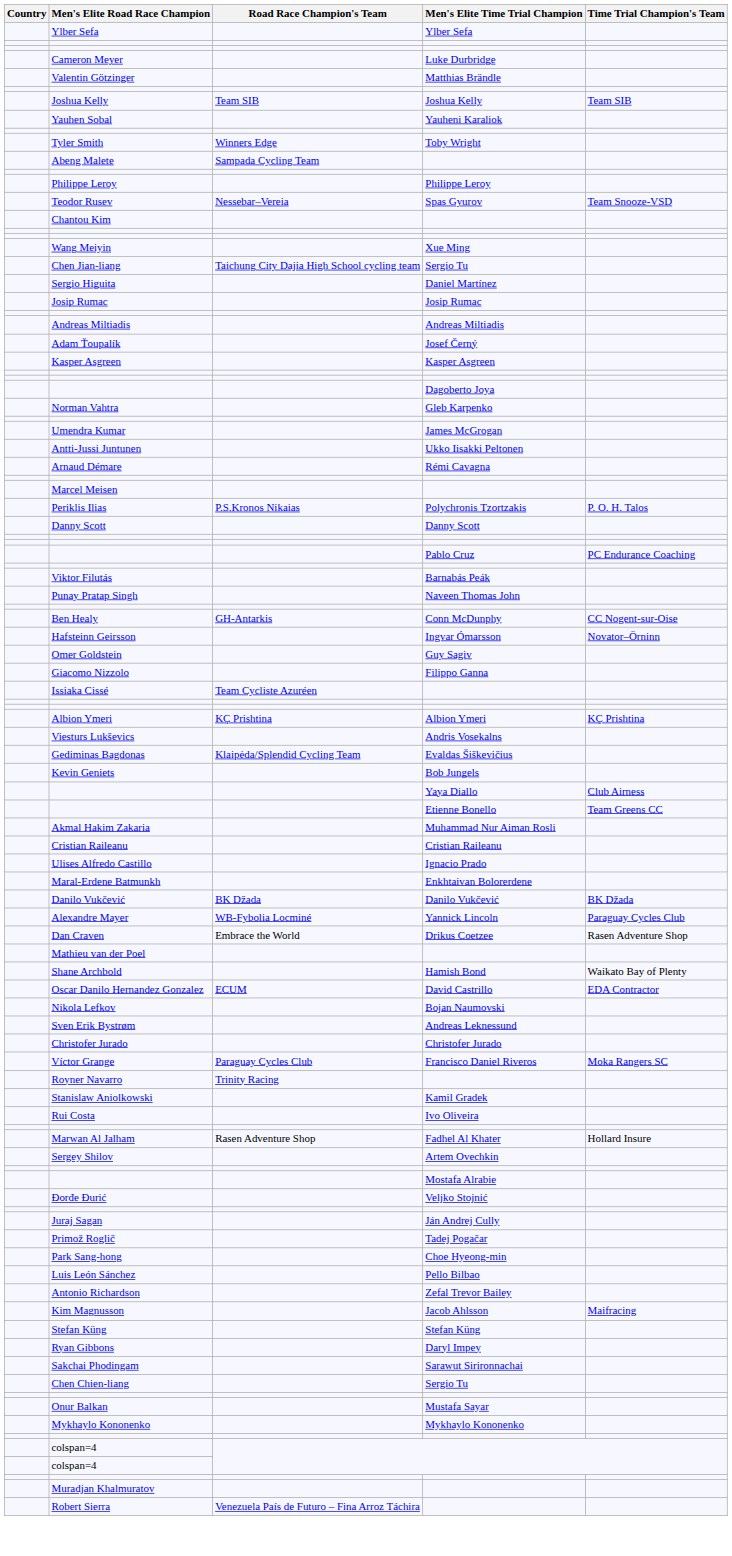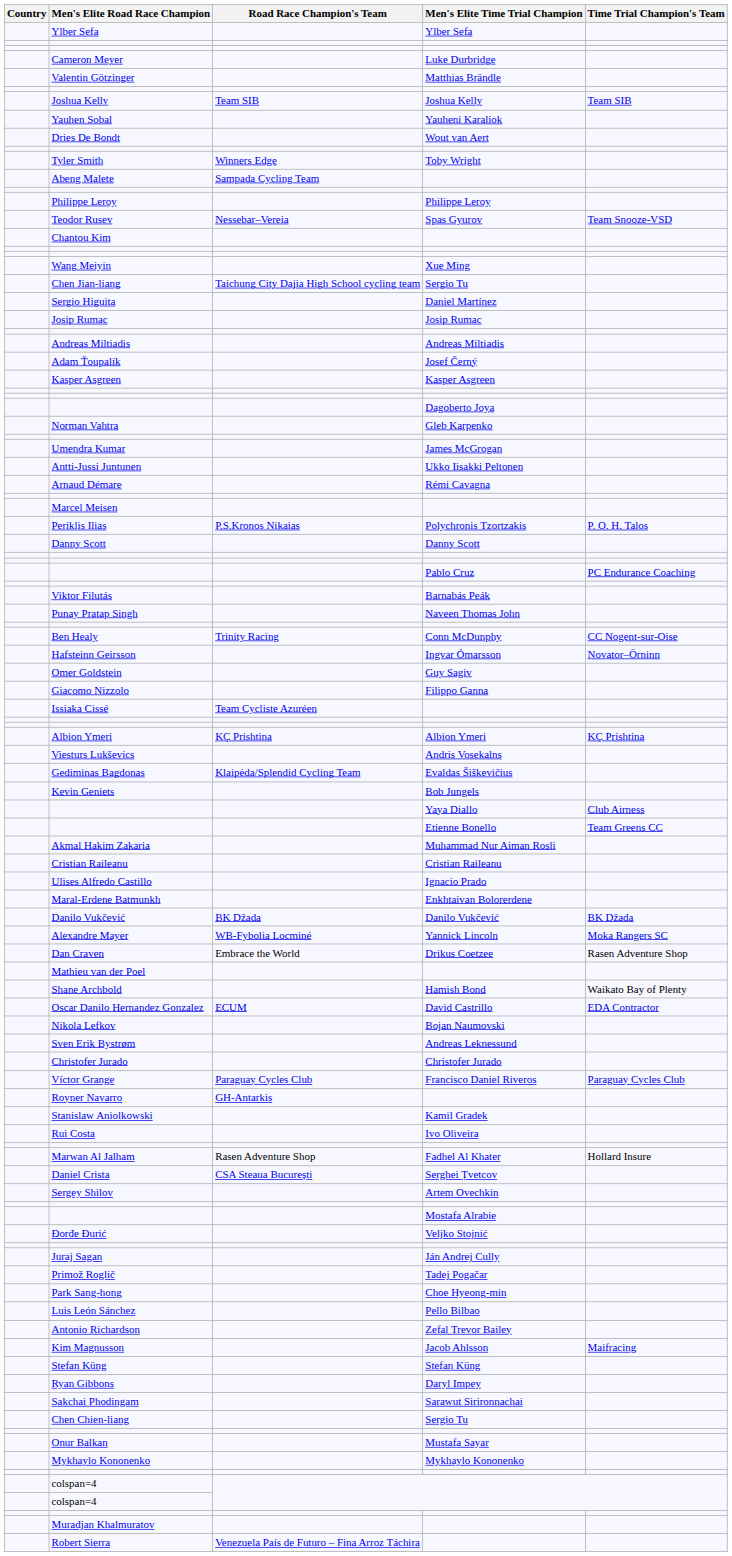 <table class="wikitable sortable"  style="background:#f7f8ff; font-size:95%;">
 <tr>
 <th>Country</th>
 <th>Men's Elite Road Race Champion</th>
 <th>Road Race Champion's Team</th>
 <th>Men's Elite Time Trial Champion</th>
 <th>Time Trial Champion's Team</th>
 </tr>
 <tr style="text-align:left; vertical-align:top;">
 <td></td>
 <td><a href='#'>Ylber Sefa</a></td>
 <td></td>
 <td><a href='#'>Ylber Sefa</a></td>
 <td></td>
 </tr>
 <tr style="text-align:left; vertical-align:top;">
 <td></td>
 <td></td>
 <td></td>
 <td></td>
 <td></td>
 </tr>
 <tr style="text-align:left; vertical-align:top;">
 <td></td>
 <td></td>
 <td></td>
 <td></td>
 <td></td>
 </tr>
 <tr style="text-align:left; vertical-align:top;">
 <td></td>
 <td><a href='#'>Cameron Meyer</a></td>
 <td></td>
 <td><a href='#'>Luke Durbridge</a></td>
 <td></td>
 </tr>
 <tr style="text-align:left; vertical-align:top;">
 <td></td>
 <td><a href='#'>Valentin Götzinger</a></td>
 <td></td>
 <td><a href='#'>Matthias Brändle</a></td>
 <td></td>
 </tr>
 <tr style="text-align:left; vertical-align:top;">
 <td></td>
 <td></td>
 <td></td>
 <td></td>
 <td></td>
 </tr>
 <tr style="text-align:left; vertical-align:top;">
 <td></td>
 <td><a href='#'>Joshua Kelly</a></td>
 <td><a href='#'>Team SIB</a></td>
 <td><a href='#'>Joshua Kelly</a></td>
 <td><a href='#'>Team SIB</a></td>
 </tr>
 <tr style="text-align:left; vertical-align:top;">
 <td></td>
 <td><a href='#'>Yauhen Sobal</a></td>
 <td></td>
 <td><a href='#'>Yauheni Karaliok</a></td>
+<td></td>
+</tr>
+<tr style="text-align:left; vertical-align:top;">
+<td></td>
+<td><a href='#'>Dries De Bondt</a></td>
+<td></td>
+<td><a href='#'>Wout van Aert</a></td>
 <td></td>
 </tr>
 <tr style="text-align:left; vertical-align:top;">
 <td></td>
 <td></td>
 <td></td>
 <td></td>
 <td></td>
 </tr>
 <tr style="text-align:left; vertical-align:top;">
 <td></td>
 <td><a href='#'>Tyler Smith</a></td>
 <td><a href='#'>Winners Edge</a></td>
 <td><a href='#'>Toby Wright</a></td>
 <td></td>
 </tr>
 <tr style="text-align:left; vertical-align:top;">
 <td></td>
 <td><a href='#'>Abeng Malete</a></td>
 <td><a href='#'>Sampada Cycling Team</a></td>
 <td></td>
 <td></td>
 </tr>
 <tr style="text-align:left; vertical-align:top;">
 <td></td>
 <td></td>
 <td></td>
 <td></td>
 <td></td>
 </tr>
 <tr style="text-align:left; vertical-align:top;">
 <td></td>
 <td><a href='#'>Philippe Leroy</a></td>
 <td></td>
 <td><a href='#'>Philippe Leroy</a></td>
 <td></td>
 </tr>
 <tr style="text-align:left; vertical-align:top;">
 <td></td>
 <td><a href='#'>Teodor Rusev</a></td>
 <td><a href='#'>Nessebar–Vereia</a></td>
 <td><a href='#'>Spas Gyurov</a></td>
 <td><a href='#'>Team Snooze-VSD</a></td>
 </tr>
 <tr style="text-align:left; vertical-align:top;">
 <td></td>
 <td><a href='#'>Chantou Kim</a></td>
 <td></td>
 <td></td>
 <td></td>
 </tr>
 <tr style="text-align:left; vertical-align:top;">
 <td></td>
 <td></td>
 <td></td>
 <td></td>
 <td></td>
 </tr>
 <tr style="text-align:left; vertical-align:top;">
 <td></td>
 <td></td>
 <td></td>
 <td></td>
 <td></td>
 </tr>
 <tr style="text-align:left; vertical-align:top;">
 <td></td>
 <td><a href='#'>Wang Meiyin</a></td>
 <td></td>
 <td><a href='#'>Xue Ming</a></td>
 <td></td>
 </tr>
 <tr style="text-align:left; vertical-align:top;">
 <td></td>
 <td><a href='#'>Chen Jian-liang</a></td>
 <td><a href='#'>Taichung City Dajia High School cycling team</a></td>
 <td><a href='#'>Sergio Tu</a></td>
 <td></td>
 </tr>
 <tr style="text-align:left; vertical-align:top;">
 <td></td>
 <td><a href='#'>Sergio Higuita</a></td>
 <td></td>
 <td><a href='#'>Daniel Martínez</a></td>
 <td></td>
 </tr>
 <tr style="text-align:left; vertical-align:top;">
 <td></td>
 <td><a href='#'>Josip Rumac</a></td>
 <td></td>
 <td><a href='#'>Josip Rumac</a></td>
 <td></td>
 </tr>
 <tr style="text-align:left; vertical-align:top;">
 <td></td>
 <td></td>
 <td></td>
 <td></td>
 <td></td>
 </tr>
 <tr style="text-align:left; vertical-align:top;">
 <td></td>
 <td><a href='#'>Andreas Miltiadis</a></td>
 <td></td>
 <td><a href='#'>Andreas Miltiadis</a></td>
 <td></td>
 </tr>
 <tr style="text-align:left; vertical-align:top;">
 <td></td>
 <td><a href='#'>Adam Ťoupalík</a></td>
 <td></td>
 <td><a href='#'>Josef Černý</a></td>
 <td></td>
 </tr>
 <tr style="text-align:left; vertical-align:top;">
 <td></td>
 <td><a href='#'>Kasper Asgreen</a></td>
 <td></td>
 <td><a href='#'>Kasper Asgreen</a></td>
 <td></td>
 </tr>
 <tr style="text-align:left; vertical-align:top;">
 <td></td>
 <td></td>
 <td></td>
 <td></td>
 <td></td>
 </tr>
 <tr style="text-align:left; vertical-align:top;">
 <td></td>
 <td></td>
 <td></td>
 <td></td>
 <td></td>
 </tr>
 <tr style="text-align:left; vertical-align:top;">
 <td></td>
 <td></td>
 <td></td>
 <td><a href='#'>Dagoberto Joya</a></td>
 <td></td>
 </tr>
 <tr style="text-align:left; vertical-align:top;">
 <td></td>
 <td><a href='#'>Norman Vahtra</a></td>
 <td></td>
 <td><a href='#'>Gleb Karpenko</a></td>
 <td></td>
 </tr>
 <tr style="text-align:left; vertical-align:top;">
 <td></td>
 <td></td>
 <td></td>
 <td></td>
 <td></td>
 </tr>
 <tr style="text-align:left; vertical-align:top;">
 <td></td>
 <td><a href='#'>Umendra Kumar</a></td>
 <td></td>
 <td><a href='#'>James McGrogan</a></td>
 <td></td>
 </tr>
 <tr style="text-align:left; vertical-align:top;">
 <td></td>
 <td><a href='#'>Antti-Jussi Juntunen</a></td>
 <td></td>
 <td><a href='#'>Ukko Iisakki Peltonen</a></td>
 <td></td>
 </tr>
 <tr style="text-align:left; vertical-align:top;">
 <td></td>
 <td><a href='#'>Arnaud Démare</a></td>
 <td></td>
 <td><a href='#'>Rémi Cavagna</a></td>
 <td></td>
 </tr>
 <tr style="text-align:left; vertical-align:top;">
 <td></td>
 <td></td>
 <td></td>
 <td></td>
 <td></td>
 </tr>
 <tr style="text-align:left; vertical-align:top;">
 <td></td>
 <td><a href='#'>Marcel Meisen</a></td>
 <td></td>
 <td></td>
 <td></td>
 </tr>
 <tr style="text-align:left; vertical-align:top;">
 <td></td>
 <td><a href='#'>Periklis Ilias</a></td>
 <td><a href='#'>P.S.Kronos Nikaias</a></td>
 <td><a href='#'>Polychronis Tzortzakis</a></td>
 <td><a href='#'>P. O. H. Talos</a></td>
 </tr>
 <tr style="text-align:left; vertical-align:top;">
 <td></td>
 <td><a href='#'>Danny Scott</a></td>
 <td></td>
 <td><a href='#'>Danny Scott</a></td>
 <td></td>
 </tr>
 <tr style="text-align:left; vertical-align:top;">
 <td></td>
 <td></td>
 <td></td>
 <td></td>
 <td></td>
 </tr>
 <tr style="text-align:left; vertical-align:top;">
 <td></td>
 <td></td>
 <td></td>
 <td></td>
 <td></td>
 </tr>
 <tr style="text-align:left; vertical-align:top;">
 <td></td>
 <td></td>
 <td></td>
 <td><a href='#'>Pablo Cruz</a></td>
 <td><a href='#'>PC Endurance Coaching</a></td>
 </tr>
 <tr style="text-align:left; vertical-align:top;">
 <td></td>
 <td></td>
 <td></td>
 <td></td>
 <td></td>
 </tr>
 <tr style="text-align:left; vertical-align:top;">
 <td></td>
 <td><a href='#'>Viktor Filutás</a></td>
 <td></td>
 <td><a href='#'>Barnabás Peák</a></td>
 <td></td>
 </tr>
 <tr style="text-align:left; vertical-align:top;">
 <td></td>
 <td><a href='#'>Punay Pratap Singh</a></td>
 <td></td>
 <td><a href='#'>Naveen Thomas John</a></td>
 <td></td>
 </tr>
 <tr style="text-align:left; vertical-align:top;">
 <td></td>
 <td></td>
 <td></td>
 <td></td>
 <td></td>
 </tr>
 <tr style="text-align:left; vertical-align:top;">
 <td></td>
 <td><a href='#'>Ben Healy</a></td>
-<td><a href='#'>GH-Antarkis</a></td>
+<td><a href='#'>Trinity Racing</a></td>
 <td><a href='#'>Conn McDunphy</a></td>
 <td><a href='#'>CC Nogent-sur-Oise</a></td>
 </tr>
 <tr style="text-align:left; vertical-align:top;">
 <td></td>
 <td><a href='#'>Hafsteinn Geirsson</a></td>
 <td></td>
 <td><a href='#'>Ingvar Ómarsson</a></td>
 <td><a href='#'>Novator–Örninn</a></td>
 </tr>
 <tr style="text-align:left; vertical-align:top;">
 <td></td>
 <td><a href='#'>Omer Goldstein</a></td>
 <td></td>
 <td><a href='#'>Guy Sagiv</a></td>
 <td></td>
 </tr>
 <tr style="text-align:left; vertical-align:top;">
 <td></td>
 <td><a href='#'>Giacomo Nizzolo</a></td>
 <td></td>
 <td><a href='#'>Filippo Ganna</a></td>
 <td></td>
 </tr>
 <tr style="text-align:left; vertical-align:top;">
 <td></td>
 <td><a href='#'>Issiaka Cissé</a></td>
 <td><a href='#'>Team Cycliste Azuréen</a></td>
 <td></td>
 <td></td>
 </tr>
 <tr style="text-align:left; vertical-align:top;">
 <td></td>
 <td></td>
 <td></td>
 <td></td>
 <td></td>
 </tr>
 <tr style="text-align:left; vertical-align:top;">
 <td></td>
 <td></td>
 <td></td>
 <td></td>
 <td></td>
 </tr>
 <tr style="text-align:left; vertical-align:top;">
 <td></td>
 <td><a href='#'>Albion Ymeri</a></td>
 <td><a href='#'>KÇ Prishtina</a></td>
 <td><a href='#'>Albion Ymeri</a></td>
 <td><a href='#'>KÇ Prishtina</a></td>
 </tr>
 <tr style="text-align:left; vertical-align:top;">
 <td></td>
 <td><a href='#'>Viesturs Lukševics</a></td>
 <td></td>
 <td><a href='#'>Andris Vosekalns</a></td>
 <td></td>
 </tr>
 <tr style="text-align:left; vertical-align:top;">
 <td></td>
 <td><a href='#'>Gediminas Bagdonas</a></td>
 <td><a href='#'>Klaipėda/Splendid Cycling Team</a></td>
 <td><a href='#'>Evaldas Šiškevičius</a></td>
 <td></td>
 </tr>
 <tr style="text-align:left; vertical-align:top;">
 <td></td>
 <td><a href='#'>Kevin Geniets</a></td>
 <td></td>
 <td><a href='#'>Bob Jungels</a></td>
 <td></td>
 </tr>
 <tr style="text-align:left; vertical-align:top;">
 <td></td>
 <td></td>
 <td></td>
 <td><a href='#'>Yaya Diallo</a></td>
 <td><a href='#'>Club Airness</a></td>
 </tr>
 <tr style="text-align:left; vertical-align:top;">
 <td></td>
 <td></td>
 <td></td>
 <td><a href='#'>Etienne Bonello</a></td>
 <td><a href='#'>Team Greens CC</a></td>
 </tr>
 <tr style="text-align:left; vertical-align:top;">
 <td></td>
 <td><a href='#'>Akmal Hakim Zakaria</a></td>
 <td></td>
 <td><a href='#'>Muhammad Nur Aiman Rosli</a></td>
 <td></td>
 </tr>
 <tr style="text-align:left; vertical-align:top;">
 <td></td>
 <td><a href='#'>Cristian Raileanu</a></td>
 <td></td>
 <td><a href='#'>Cristian Raileanu</a></td>
 <td></td>
 </tr>
 <tr style="text-align:left; vertical-align:top;">
 <td></td>
 <td><a href='#'>Ulises Alfredo Castillo</a></td>
 <td></td>
 <td><a href='#'>Ignacio Prado</a></td>
 <td></td>
 </tr>
 <tr style="text-align:left; vertical-align:top;">
 <td></td>
 <td><a href='#'>Maral-Erdene Batmunkh</a></td>
 <td></td>
 <td><a href='#'>Enkhtaivan Bolorerdene</a></td>
 <td></td>
 </tr>
 <tr style="text-align:left; vertical-align:top;">
 <td></td>
 <td><a href='#'>Danilo Vukčević</a></td>
 <td><a href='#'>BK Džada</a></td>
 <td><a href='#'>Danilo Vukčević</a></td>
 <td><a href='#'>BK Džada</a></td>
 </tr>
 <tr style="text-align:left; vertical-align:top;">
 <td></td>
 <td><a href='#'>Alexandre Mayer</a></td>
 <td><a href='#'>WB-Fybolia Locminé</a></td>
 <td><a href='#'>Yannick Lincoln</a></td>
-<td><a href='#'>Paraguay Cycles Club</a></td>
+<td><a href='#'>Moka Rangers SC</a></td>
 </tr>
 <tr style="text-align:left; vertical-align:top;">
 <td></td>
 <td><a href='#'>Dan Craven</a></td>
 <td>Embrace the World</td>
 <td><a href='#'>Drikus Coetzee</a></td>
 <td>Rasen Adventure Shop</td>
 </tr>
 <tr style="text-align:left; vertical-align:top;">
 <td></td>
 <td><a href='#'>Mathieu van der Poel</a></td>
 <td></td>
 <td></td>
 <td></td>
 </tr>
 <tr style="text-align:left; vertical-align:top;">
 <td></td>
 <td><a href='#'>Shane Archbold</a></td>
 <td></td>
 <td><a href='#'>Hamish Bond</a></td>
 <td>Waikato Bay of Plenty</td>
 </tr>
 <tr style="text-align:left; vertical-align:top;">
 <td></td>
 <td><a href='#'>Oscar Danilo Hernandez Gonzalez</a></td>
 <td><a href='#'>ECUM</a></td>
 <td><a href='#'>David Castrillo</a></td>
 <td><a href='#'>EDA Contractor</a></td>
 </tr>
 <tr style="text-align:left; vertical-align:top;">
 <td></td>
 <td><a href='#'>Nikola Lefkov</a></td>
 <td></td>
 <td><a href='#'>Bojan Naumovski</a></td>
 <td></td>
 </tr>
 <tr style="text-align:left; vertical-align:top;">
 <td></td>
 <td><a href='#'>Sven Erik Bystrøm</a></td>
 <td></td>
 <td><a href='#'>Andreas Leknessund</a></td>
 <td></td>
 </tr>
 <tr style="text-align:left; vertical-align:top;">
 <td></td>
 <td><a href='#'>Christofer Jurado</a></td>
 <td></td>
 <td><a href='#'>Christofer Jurado</a></td>
 <td></td>
 </tr>
 <tr style="text-align:left; vertical-align:top;">
 <td></td>
 <td><a href='#'>Víctor Grange</a></td>
 <td><a href='#'>Paraguay Cycles Club</a></td>
 <td><a href='#'>Francisco Daniel Riveros</a></td>
-<td><a href='#'>Moka Rangers SC</a></td>
+<td><a href='#'>Paraguay Cycles Club</a></td>
 </tr>
 <tr style="text-align:left; vertical-align:top;">
 <td></td>
 <td><a href='#'>Royner Navarro</a></td>
-<td><a href='#'>Trinity Racing</a></td>
+<td><a href='#'>GH-Antarkis</a></td>
 <td></td>
 <td></td>
 </tr>
 <tr style="text-align:left; vertical-align:top;">
 <td></td>
 <td><a href='#'>Stanislaw Aniolkowski</a></td>
 <td></td>
 <td><a href='#'>Kamil Gradek</a></td>
 <td></td>
 </tr>
 <tr style="text-align:left; vertical-align:top;">
 <td></td>
 <td><a href='#'>Rui Costa</a></td>
 <td></td>
 <td><a href='#'>Ivo Oliveira</a></td>
 <td></td>
 </tr>
 <tr style="text-align:left; vertical-align:top;">
 <td></td>
 <td></td>
 <td></td>
 <td></td>
 <td></td>
 </tr>
 <tr style="text-align:left; vertical-align:top;">
 <td></td>
 <td><a href='#'>Marwan Al Jalham</a></td>
 <td>Rasen Adventure Shop</td>
 <td><a href='#'>Fadhel Al Khater</a></td>
 <td>Hollard Insure</td>
+</tr>
+<tr style="text-align:left; vertical-align:top;">
+<td></td>
+<td><a href='#'>Daniel Crista</a></td>
+<td><a href='#'>CSA Steaua București</a></td>
+<td><a href='#'>Serghei Țvetcov</a></td>
+<td></td>
 </tr>
 <tr style="text-align:left; vertical-align:top;">
 <td></td>
 <td><a href='#'>Sergey Shilov</a></td>
 <td></td>
 <td><a href='#'>Artem Ovechkin</a></td>
 <td></td>
 </tr>
 <tr style="text-align:left; vertical-align:top;">
 <td></td>
 <td></td>
 <td></td>
 <td></td>
 <td></td>
 </tr>
 <tr style="text-align:left; vertical-align:top;">
 <td></td>
 <td></td>
 <td></td>
 <td><a href='#'>Mostafa Alrabie</a></td>
 <td></td>
 </tr>
 <tr style="text-align:left; vertical-align:top;">
 <td></td>
 <td><a href='#'>Đorđe Đurić</a></td>
 <td></td>
 <td><a href='#'>Veljko Stojnić</a></td>
 <td></td>
 </tr>
 <tr style="text-align:left; vertical-align:top;">
 <td></td>
 <td></td>
 <td></td>
 <td></td>
 <td></td>
 </tr>
 <tr style="text-align:left; vertical-align:top;">
 <td></td>
 <td><a href='#'>Juraj Sagan</a></td>
 <td></td>
 <td><a href='#'>Ján Andrej Cully</a></td>
 <td></td>
 </tr>
 <tr style="text-align:left; vertical-align:top;">
 <td></td>
 <td><a href='#'>Primož Roglič</a></td>
 <td></td>
 <td><a href='#'>Tadej Pogačar</a></td>
 <td></td>
 </tr>
 <tr style="text-align:left; vertical-align:top;">
 <td></td>
 <td><a href='#'>Park Sang-hong</a></td>
 <td></td>
 <td><a href='#'>Choe Hyeong-min</a></td>
 <td></td>
 </tr>
 <tr style="text-align:left; vertical-align:top;">
 <td></td>
 <td><a href='#'>Luis León Sánchez</a></td>
 <td></td>
 <td><a href='#'>Pello Bilbao</a></td>
 <td></td>
 </tr>
 <tr style="text-align:left; vertical-align:top;">
 <td></td>
 <td><a href='#'>Antonio Richardson</a></td>
 <td></td>
 <td><a href='#'>Zefal Trevor Bailey</a></td>
 <td></td>
 </tr>
 <tr style="text-align:left; vertical-align:top;">
 <td></td>
 <td><a href='#'>Kim Magnusson</a></td>
 <td></td>
 <td><a href='#'>Jacob Ahlsson</a></td>
 <td><a href='#'>Maifracing</a></td>
 </tr>
 <tr style="text-align:left; vertical-align:top;">
 <td></td>
 <td><a href='#'>Stefan Küng</a></td>
 <td></td>
 <td><a href='#'>Stefan Küng</a></td>
 <td></td>
 </tr>
 <tr style="text-align:left; vertical-align:top;">
 <td></td>
 <td><a href='#'>Ryan Gibbons</a></td>
 <td></td>
 <td><a href='#'>Daryl Impey</a></td>
 <td></td>
 </tr>
 <tr style="text-align:left; vertical-align:top;">
 <td></td>
 <td><a href='#'>Sakchai Phodingam</a></td>
 <td></td>
 <td><a href='#'>Sarawut Sirironnachai</a></td>
 <td></td>
 </tr>
 <tr style="text-align:left; vertical-align:top;">
 <td></td>
 <td><a href='#'>Chen Chien-liang</a></td>
 <td></td>
 <td><a href='#'>Sergio Tu</a></td>
 <td></td>
 </tr>
 <tr style="text-align:left; vertical-align:top;">
 <td></td>
 <td></td>
 <td></td>
 <td></td>
 <td></td>
 </tr>
 <tr style="text-align:left; vertical-align:top;">
 <td></td>
 <td><a href='#'>Onur Balkan</a></td>
 <td></td>
 <td><a href='#'>Mustafa Sayar</a></td>
 <td></td>
 </tr>
 <tr style="text-align:left; vertical-align:top;">
 <td></td>
 <td><a href='#'>Mykhaylo Kononenko</a></td>
 <td></td>
 <td><a href='#'>Mykhaylo Kononenko</a></td>
 <td></td>
 </tr>
 <tr style="text-align:left; vertical-align:top;">
 <td></td>
 <td></td>
 <td></td>
 <td></td>
 <td></td>
 </tr>
 <tr style="text-align:left; vertical-align:top;">
 <td></td>
 <td>colspan=4 </td>
 </tr>
 <tr style="text-align:left; vertical-align:top;">
 <td></td>
 <td>colspan=4 </td>
 </tr>
 <tr style="text-align:left; vertical-align:top;">
 <td></td>
 <td></td>
 <td></td>
 <td></td>
 <td></td>
 </tr>
 <tr style="text-align:left; vertical-align:top;">
 <td></td>
 <td><a href='#'>Muradjan Khalmuratov</a></td>
 <td></td>
 <td></td>
 <td></td>
 </tr>
 <tr style="text-align:left; vertical-align:top;">
 <td></td>
 <td><a href='#'>Robert Sierra</a></td>
 <td><a href='#'>Venezuela País de Futuro – Fina Arroz Táchira</a></td>
 <td></td>
 <td></td>
 </tr>
 </table>
